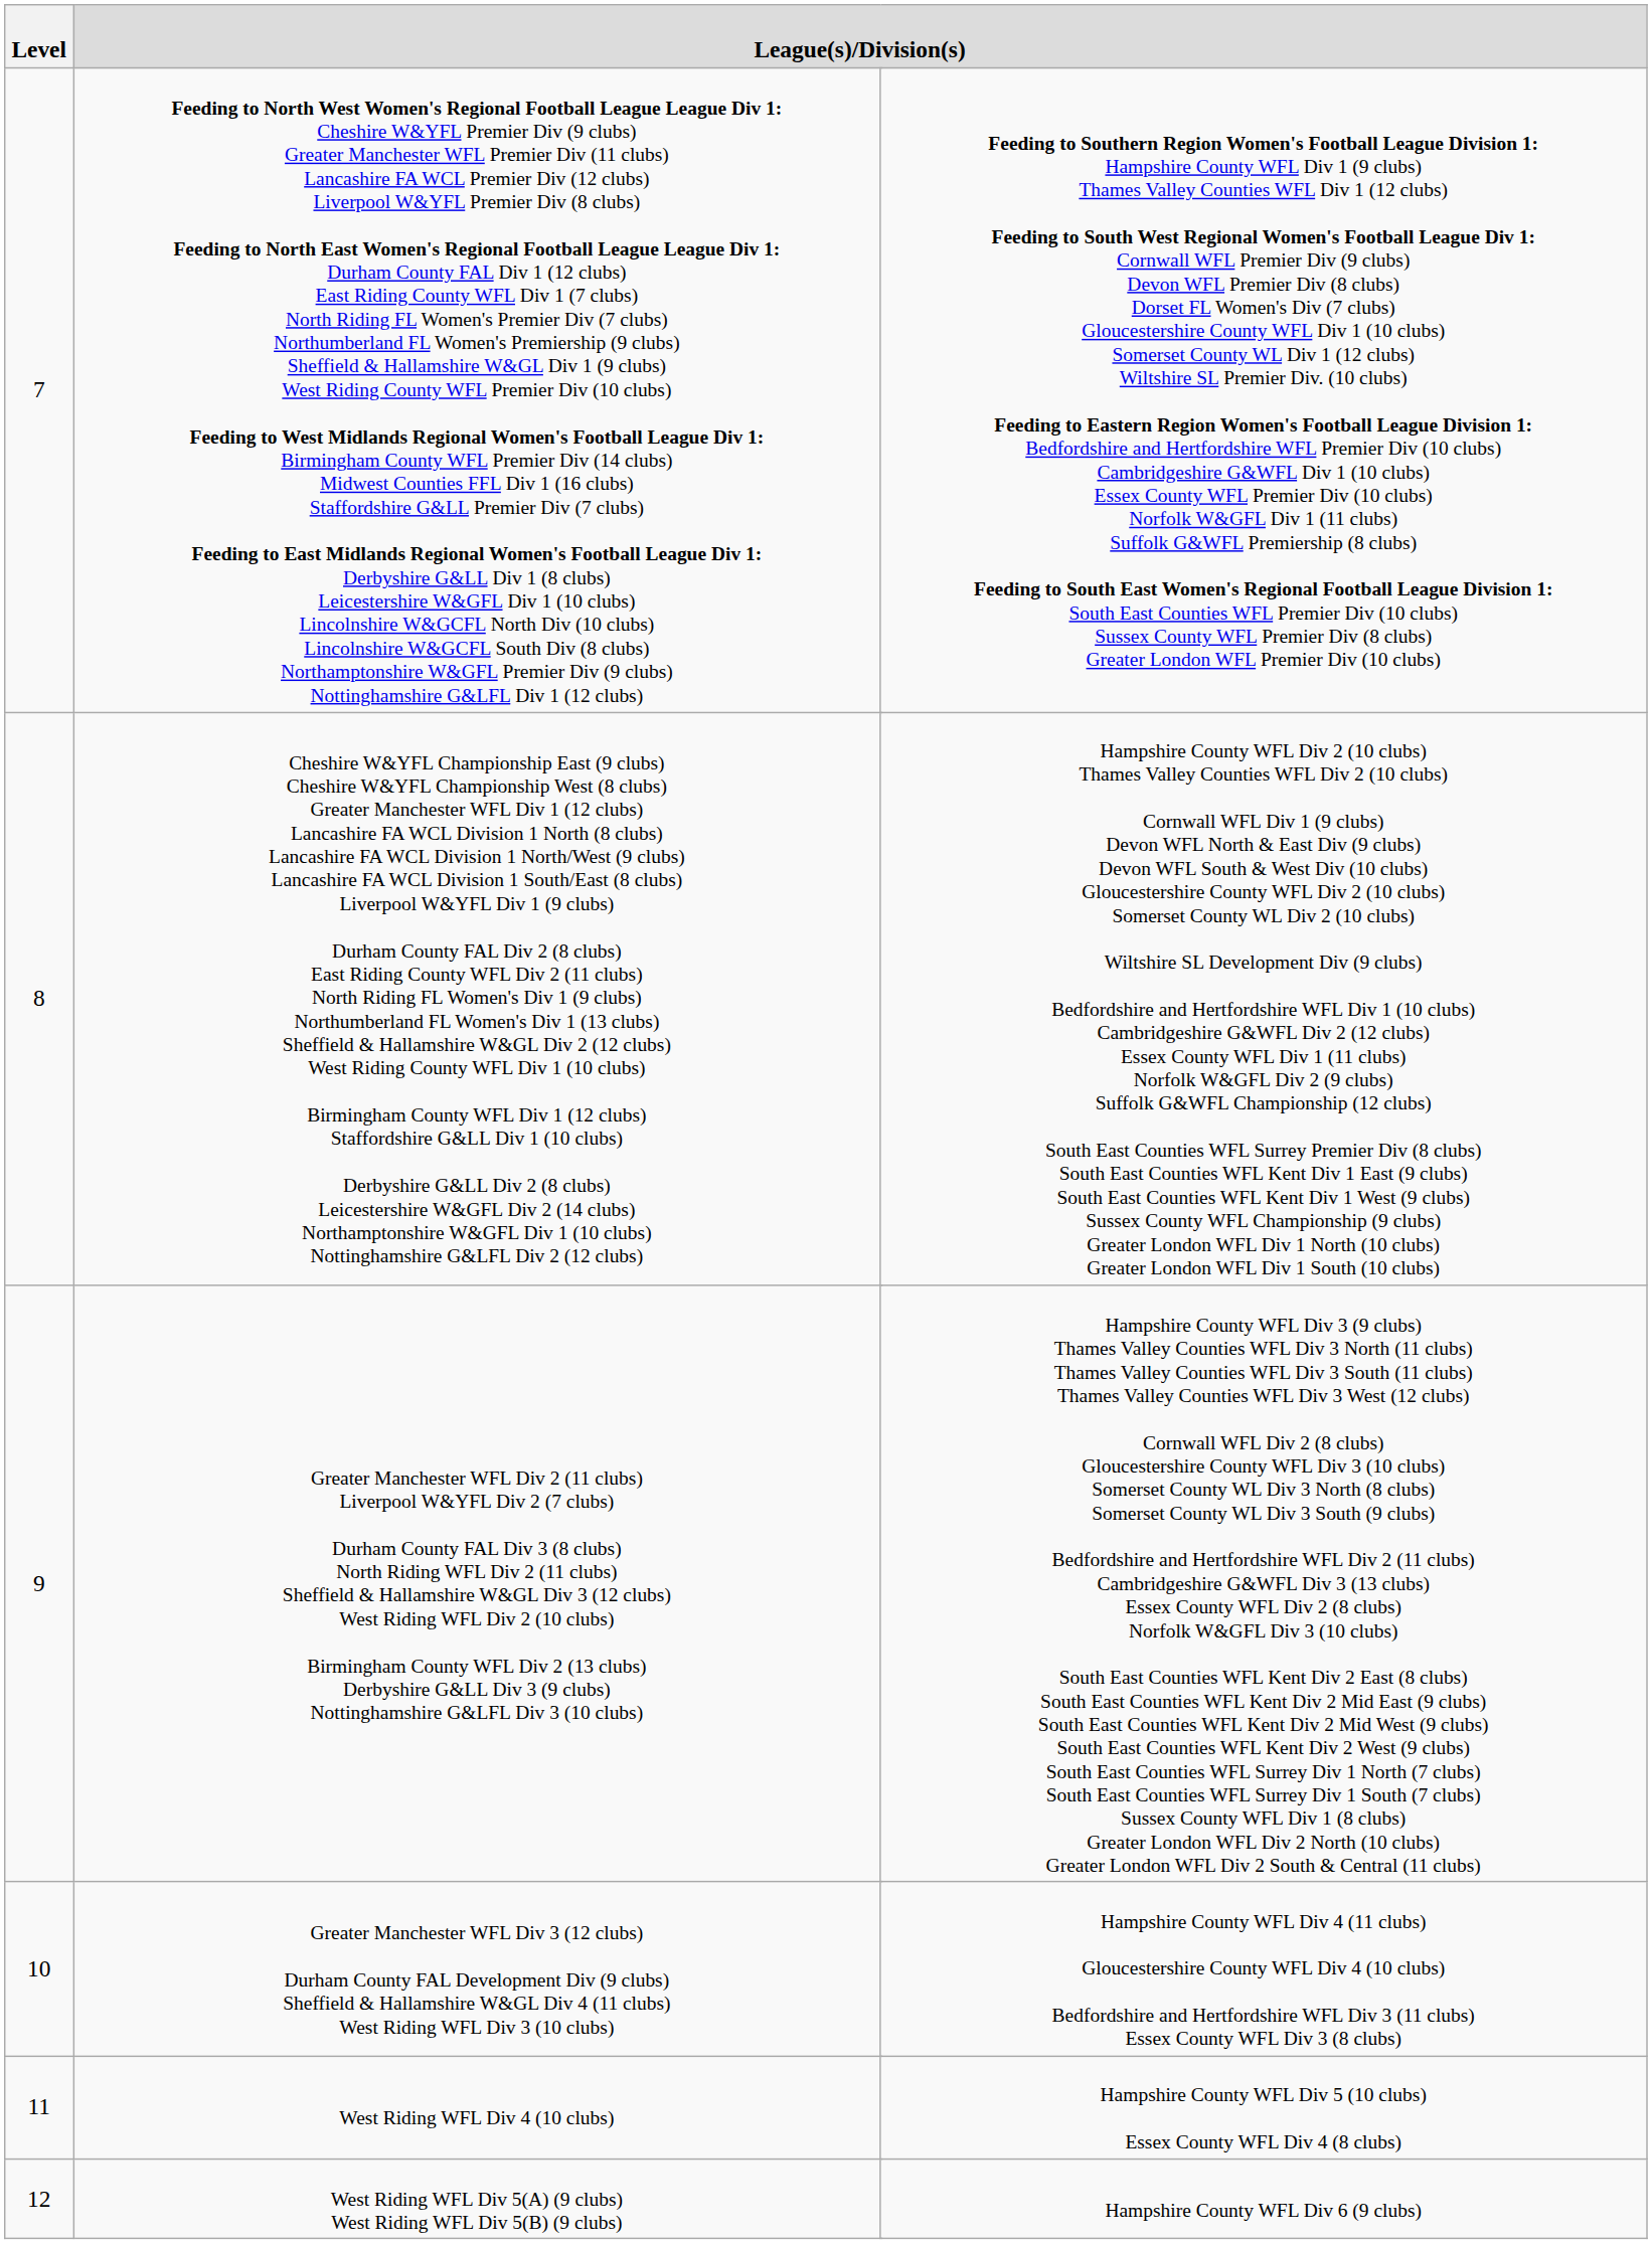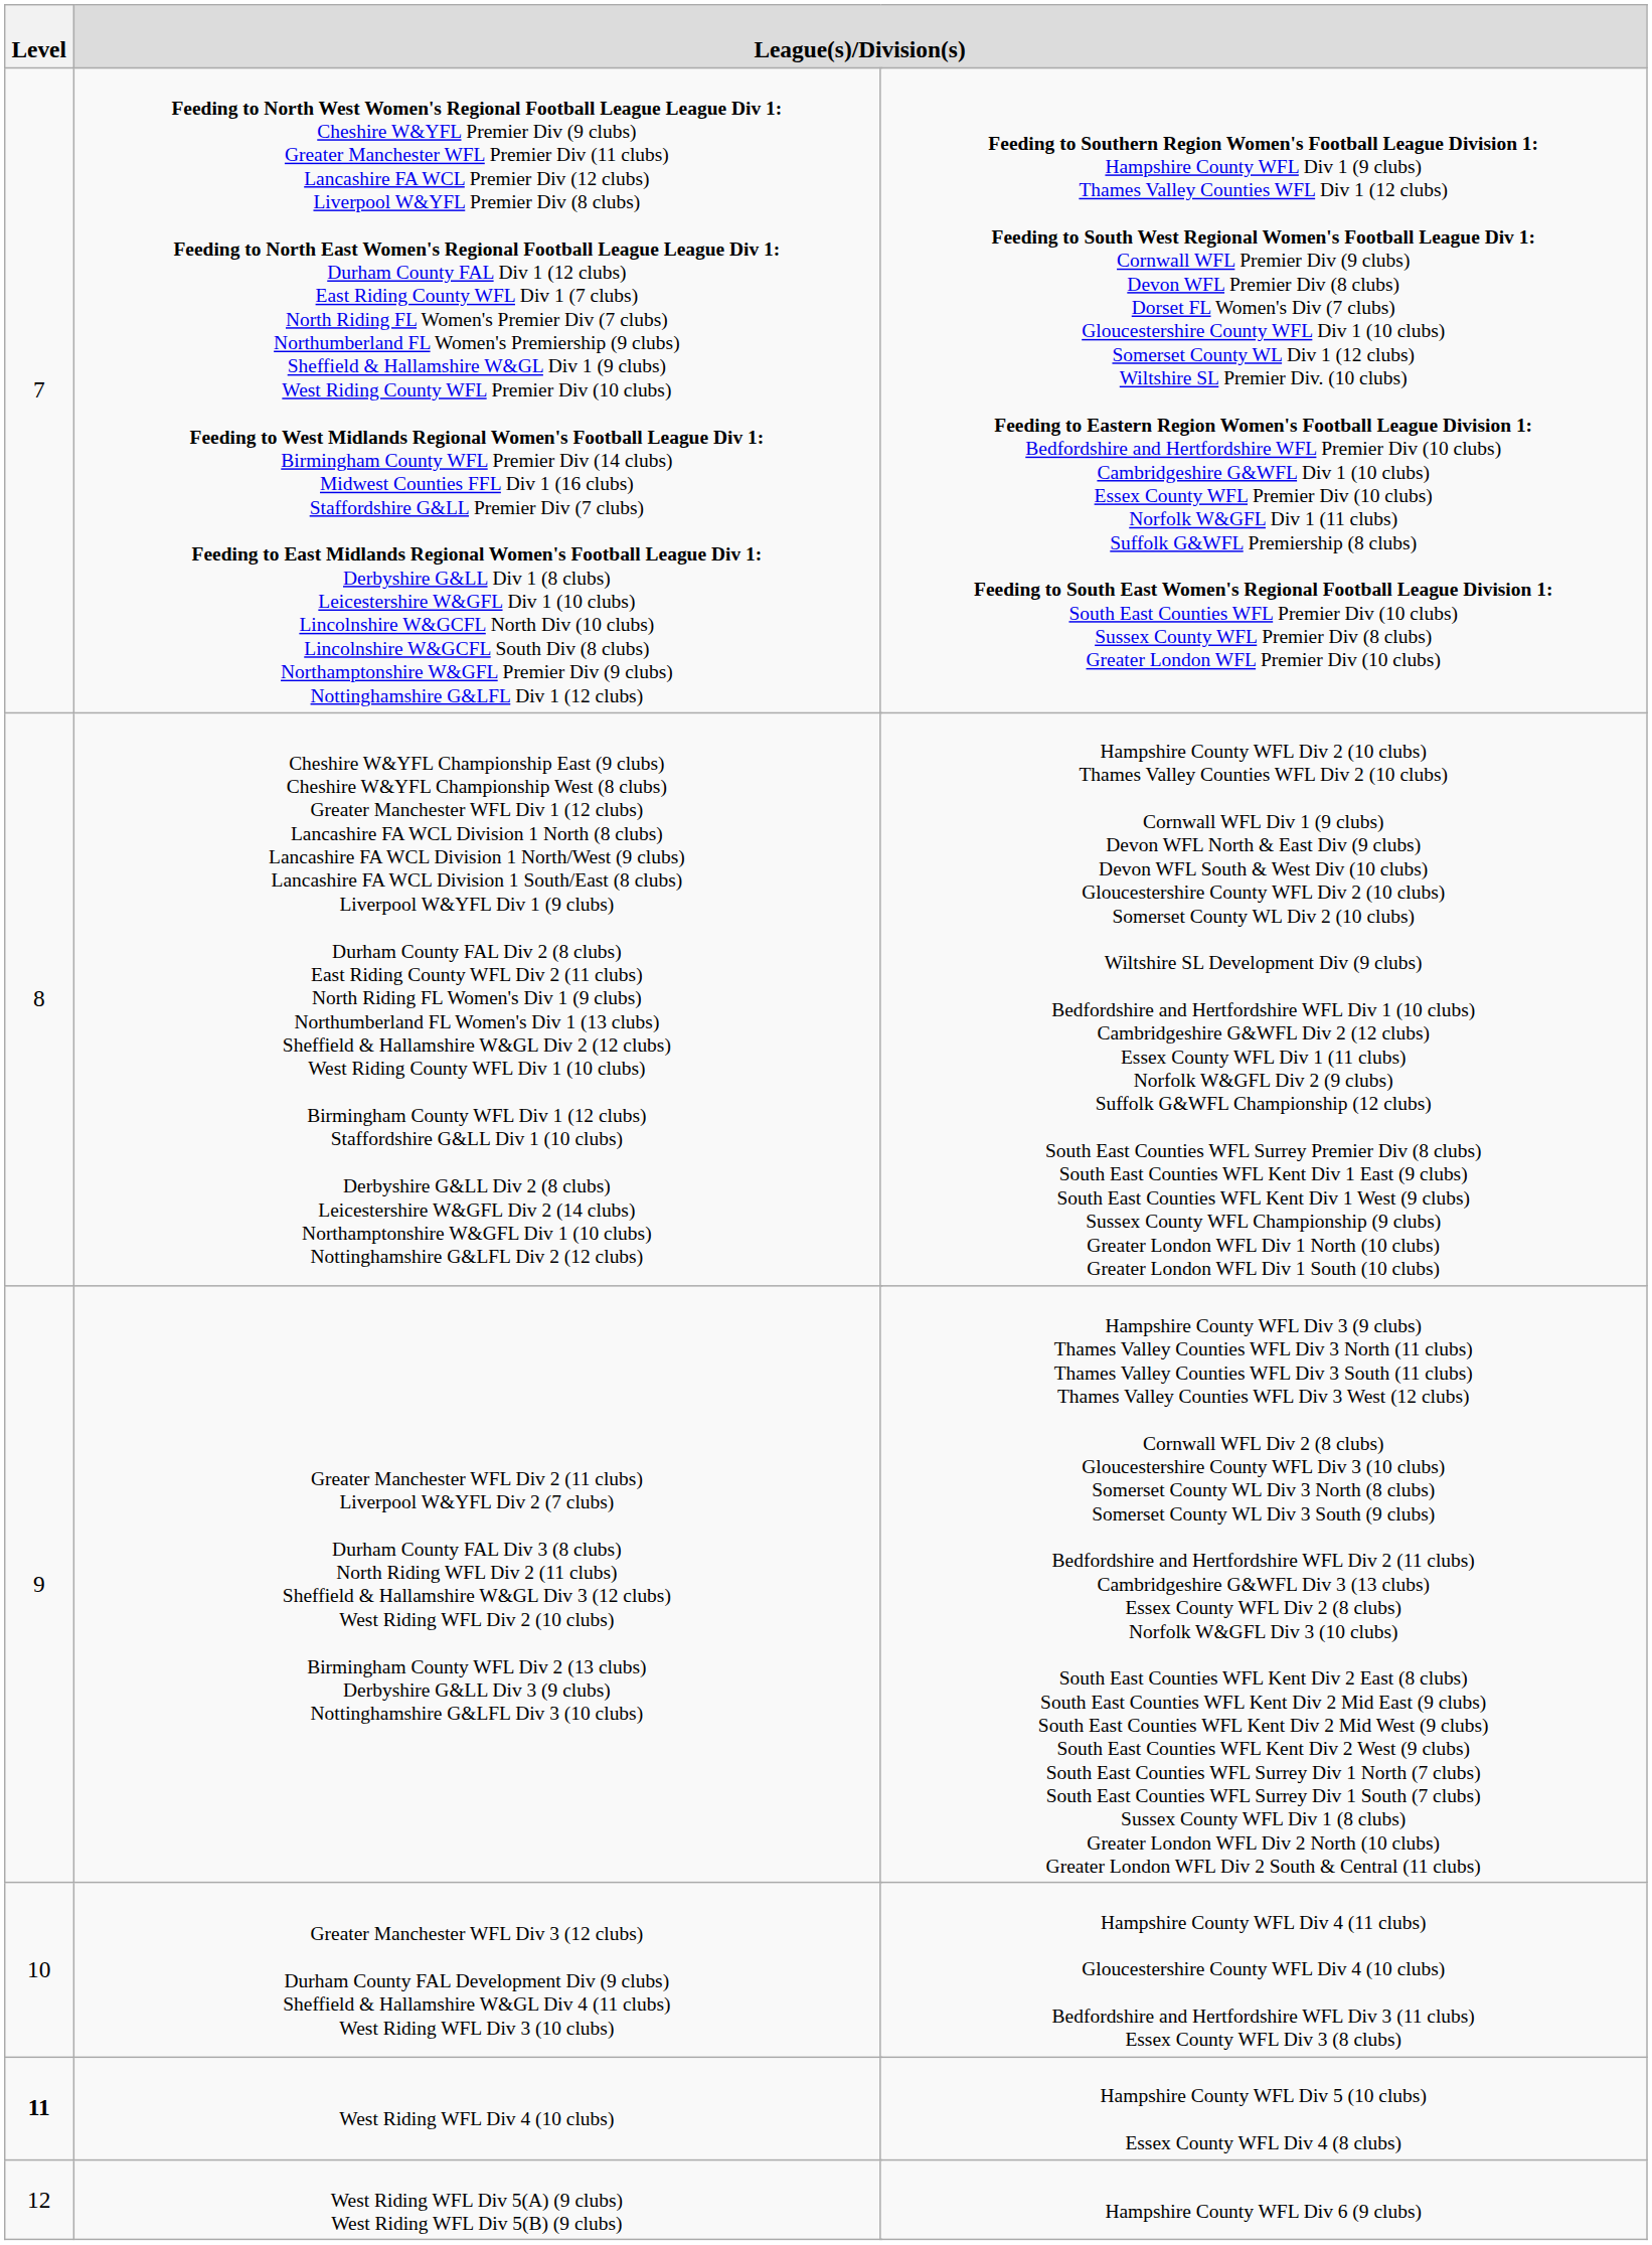 <table class="wikitable" style="text-align: center;">
 <tr>
 <th style="width:4%;"><br>Level</th>
 <th colspan="8" style="width:92%;background-color: Gainsboro"><br>League(s)/Division(s)</th>
 </tr>
 <tr>
 <td>7</td>
 <td colspan="4" style="font-size: smaller;"><br><strong>Feeding to North West Women's Regional Football League League Div 1:</strong><br> <a href='#'>Cheshire W&YFL</a> Premier Div (9 clubs)<br> <a href='#'>Greater Manchester WFL</a> Premier Div (11 clubs)<br> <a href='#'>Lancashire FA WCL</a> Premier Div (12 clubs)<br> <a href='#'>Liverpool W&YFL</a> Premier Div (8 clubs)<br><br> <strong>Feeding to North East Women's Regional Football League League Div 1:</strong><br> <a href='#'>Durham County FAL</a> Div 1 (12 clubs)<br> <a href='#'>East Riding County WFL</a> Div 1 (7 clubs)<br> <a href='#'>North Riding FL</a> Women's Premier Div (7 clubs)<br> <a href='#'>Northumberland FL</a> Women's Premiership (9 clubs)<br> <a href='#'>Sheffield & Hallamshire W&GL</a> Div 1 (9 clubs)<br> <a href='#'>West Riding County WFL</a> Premier Div (10 clubs)<br><br> <strong>Feeding to West Midlands Regional Women's Football League Div 1:</strong><br> <a href='#'>Birmingham County WFL</a> Premier Div (14 clubs)<br> <a href='#'>Midwest Counties FFL</a> Div 1 (16 clubs)<br> <a href='#'>Staffordshire G&LL</a> Premier Div (7 clubs)<br><br> <strong>Feeding to East Midlands Regional Women's Football League Div 1:</strong><br> <a href='#'>Derbyshire G&LL</a> Div 1 (8 clubs)<br> <a href='#'>Leicestershire W&GFL</a> Div 1 (10 clubs)<br> <a href='#'>Lincolnshire W&GCFL</a> North Div (10 clubs)<br> <a href='#'>Lincolnshire W&GCFL</a> South Div (8 clubs)<br> <a href='#'>Northamptonshire W&GFL</a> Premier Div (9 clubs)<br> <a href='#'>Nottinghamshire G&LFL</a> Div 1 (12 clubs)</td>
 <td colspan="4" style="font-size: smaller;"><br><strong>Feeding to Southern Region Women's Football League Division 1:</strong><br> <a href='#'>Hampshire County WFL</a> Div 1 (9 clubs)<br> <a href='#'>Thames Valley Counties WFL</a> Div 1 (12 clubs)<br><br> <strong>Feeding to South West Regional Women's Football League Div 1:</strong><br> <a href='#'>Cornwall WFL</a> Premier Div (9 clubs)<br> <a href='#'>Devon WFL</a> Premier Div (8 clubs)<br> <a href='#'>Dorset FL</a> Women's Div (7 clubs)<br> <a href='#'>Gloucestershire County WFL</a> Div 1 (10 clubs)<br> <a href='#'>Somerset County WL</a> Div 1 (12 clubs)<br> <a href='#'>Wiltshire SL</a> Premier Div. (10 clubs)<br><br> <strong>Feeding to Eastern Region Women's Football League Division 1:</strong><br> <a href='#'>Bedfordshire and Hertfordshire WFL</a> Premier Div (10 clubs)<br> <a href='#'>Cambridgeshire G&WFL</a> Div 1 (10 clubs)<br> <a href='#'>Essex County WFL</a> Premier Div (10 clubs)<br> <a href='#'>Norfolk W&GFL</a> Div 1 (11 clubs)<br> <a href='#'>Suffolk G&WFL</a> Premiership (8 clubs)<br><br> <strong>Feeding to South East Women's Regional Football League Division 1:</strong><br> <a href='#'>South East Counties WFL</a> Premier Div (10 clubs)<br> <a href='#'>Sussex County WFL</a> Premier Div (8 clubs)<br> <a href='#'>Greater London WFL</a> Premier Div (10 clubs)</td>
 </tr>
 <tr>
 <td>8</td>
 <td colspan="4" style="font-size: smaller;"><br>Cheshire W&YFL Championship East (9 clubs)<br>Cheshire W&YFL Championship West (8 clubs)<br> Greater Manchester WFL Div 1 (12 clubs)<br> Lancashire FA WCL Division 1 North (8 clubs)<br>Lancashire FA WCL Division 1 North/West (9 clubs)<br>Lancashire FA WCL Division 1 South/East (8 clubs)<br> Liverpool W&YFL Div 1 (9 clubs)<br><br> Durham County FAL Div 2 (8 clubs)<br> East Riding County WFL Div 2 (11 clubs)<br> North Riding FL Women's Div 1 (9 clubs)<br> Northumberland FL Women's Div 1 (13 clubs)<br> Sheffield & Hallamshire W&GL Div 2 (12 clubs)<br> West Riding County WFL Div 1 (10 clubs)<br><br> Birmingham County WFL Div 1 (12 clubs)<br> Staffordshire G&LL Div 1 (10 clubs)<br><br> Derbyshire G&LL Div 2 (8 clubs)<br> Leicestershire W&GFL Div 2 (14 clubs)<br> Northamptonshire W&GFL Div 1 (10 clubs)<br> Nottinghamshire G&LFL Div 2 (12 clubs)<br></td>
 <td colspan="4" style="font-size: smaller;"><br>Hampshire County WFL Div 2 (10 clubs)<br> Thames Valley Counties WFL Div 2 (10 clubs)<br><br> Cornwall WFL Div 1 (9 clubs)<br> Devon WFL North & East Div (9 clubs)<br>Devon WFL South & West Div (10 clubs)<br> Gloucestershire County WFL Div 2 (10 clubs)<br> Somerset County WL Div 2 (10 clubs)<br><br> Wiltshire SL Development Div (9 clubs)<br><br> Bedfordshire and Hertfordshire WFL Div 1 (10 clubs)<br> Cambridgeshire G&WFL Div 2 (12 clubs)<br> Essex County WFL Div 1 (11 clubs)<br> Norfolk W&GFL Div 2 (9 clubs)<br> Suffolk G&WFL Championship (12 clubs)<br><br> South East Counties WFL Surrey Premier Div (8 clubs)<br>South East Counties WFL Kent Div 1 East (9 clubs)<br>South East Counties WFL Kent Div 1 West (9 clubs)<br> Sussex County WFL Championship (9 clubs)<br> Greater London WFL Div 1 North (10 clubs)<br>Greater London WFL Div 1 South (10 clubs)</td>
 </tr>
 <tr>
 <td>9</td>
 <td colspan="4" style="font-size: smaller;"><br>Greater Manchester WFL Div 2 (11 clubs)<br> Liverpool W&YFL Div 2 (7 clubs)<br><br> Durham County FAL Div 3 (8 clubs)<br> North Riding WFL Div 2 (11 clubs)<br> Sheffield & Hallamshire W&GL Div 3 (12 clubs)<br> West Riding WFL Div 2 (10 clubs)<br><br> Birmingham County WFL Div 2 (13 clubs)<br> Derbyshire G&LL Div 3 (9 clubs)<br> Nottinghamshire G&LFL Div 3 (10 clubs)<br></td>
 <td colspan="4" style="font-size: smaller;"><br>Hampshire County WFL Div 3 (9 clubs)<br> Thames Valley Counties WFL Div 3 North (11 clubs)<br>Thames Valley Counties WFL Div 3 South (11 clubs)<br>Thames Valley Counties WFL Div 3 West (12 clubs)<br><br> Cornwall WFL Div 2 (8 clubs)<br> Gloucestershire County WFL Div 3 (10 clubs)<br> Somerset County WL Div 3 North (8 clubs)<br>Somerset County WL Div 3 South (9 clubs)<br><br> Bedfordshire and Hertfordshire WFL Div 2 (11 clubs)<br> Cambridgeshire G&WFL Div 3 (13 clubs)<br> Essex County WFL Div 2 (8 clubs)<br> Norfolk W&GFL Div 3 (10 clubs)<br><br> South East Counties WFL Kent Div 2 East (8 clubs)<br>South East Counties WFL Kent Div 2 Mid East (9 clubs)<br>South East Counties WFL Kent Div 2 Mid West (9 clubs)<br>South East Counties WFL Kent Div 2 West (9 clubs)<br>South East Counties WFL Surrey Div 1 North (7 clubs)<br>South East Counties WFL Surrey Div 1 South (7 clubs)<br> Sussex County WFL Div 1 (8 clubs)<br> Greater London WFL Div 2 North (10 clubs)<br>Greater London WFL Div 2 South & Central (11 clubs)</td>
 </tr>
 <tr>
 <td>10</td>
 <td colspan="4" style="font-size: smaller;"><br>Greater Manchester WFL Div 3 (12 clubs)<br><br> Durham County FAL Development Div (9 clubs)<br> Sheffield & Hallamshire W&GL Div 4 (11 clubs)<br> West Riding WFL Div 3 (10 clubs)<br></td>
 <td colspan="4" style="font-size: smaller;"><br>Hampshire County WFL Div 4 (11 clubs)<br><br> Gloucestershire County WFL Div 4 (10 clubs)<br><br> Bedfordshire and Hertfordshire WFL Div 3 (11 clubs)<br> Essex County WFL Div 3 (8 clubs)<br></td>
 </tr>
 <tr>
-<td>11</td>
+<td><strong>11</strong></td>
 <td colspan="4" style="font-size: smaller;"><br>West Riding WFL Div 4 (10 clubs)<br></td>
 <td colspan="4" style="font-size: smaller;"><br>Hampshire County WFL Div 5 (10 clubs)<br><br> Essex County WFL Div 4 (8 clubs)<br></td>
 </tr>
 <tr>
 <td>12</td>
 <td colspan="4" style="font-size: smaller;"><br>West Riding WFL Div 5(A) (9 clubs)<br>West Riding WFL Div 5(B) (9 clubs)<br></td>
 <td colspan="4" style="font-size: smaller;"><br>Hampshire County WFL Div 6 (9 clubs)<br></td>
 </tr>
 </table>
